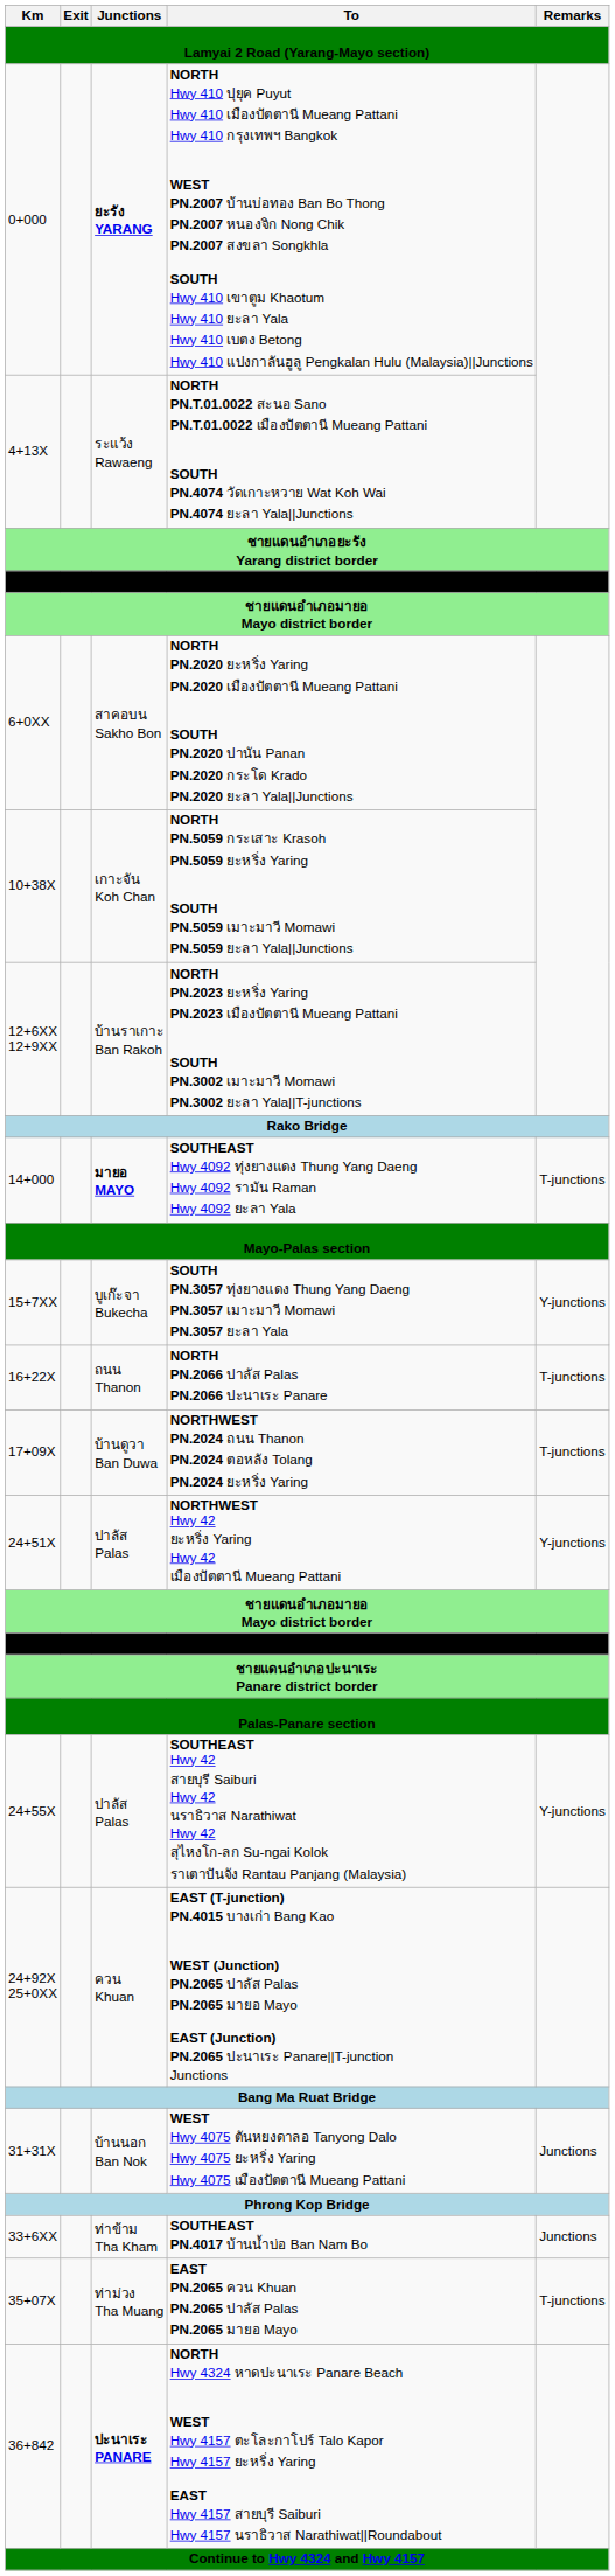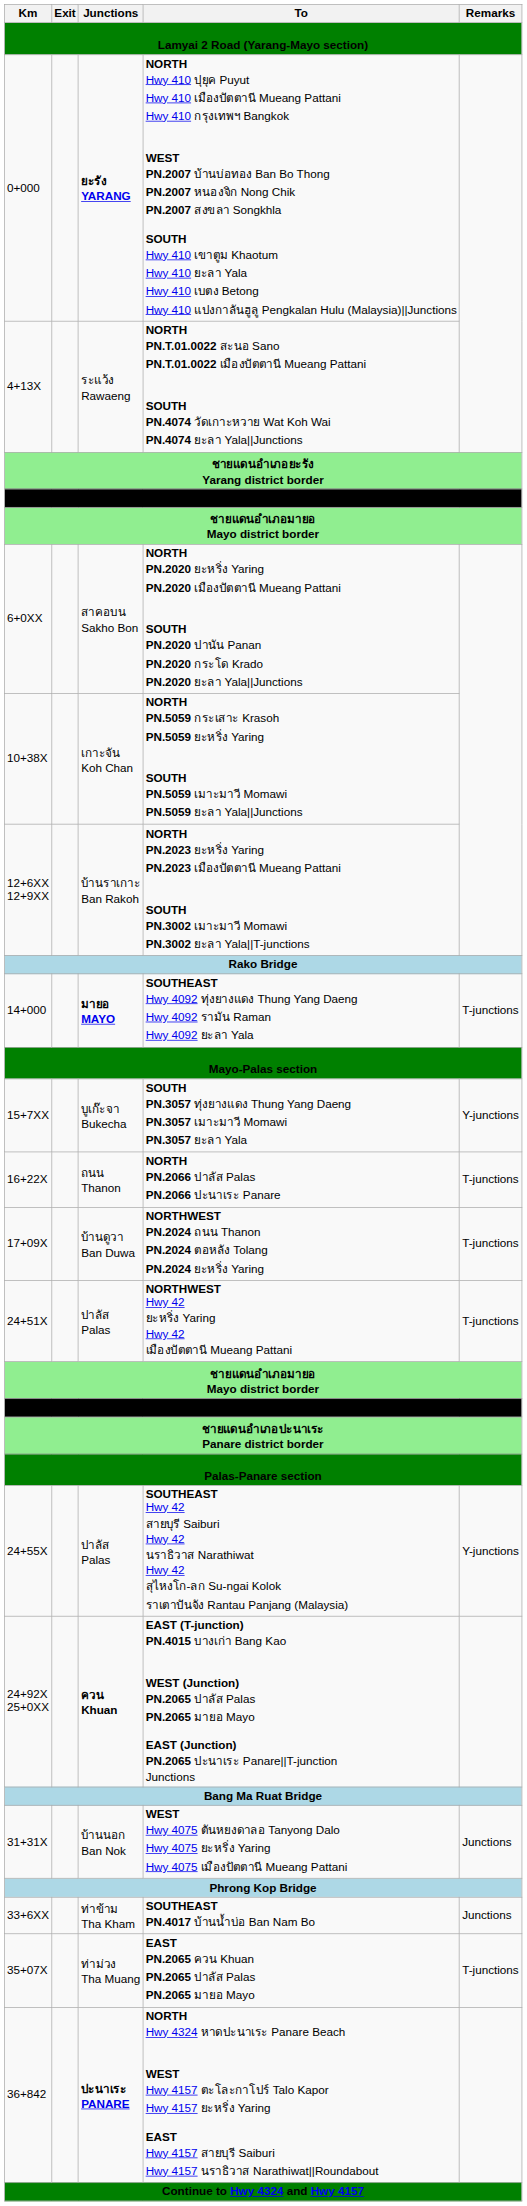 <table class="wikitable">
 <tr>
 <th>Km</th>
 <th>Exit</th>
 <th>Junctions</th>
 <th>To</th>
 <th>Remarks</th>
 </tr>
 <tr>
 <td colspan="6" style="width:600px; text-align:center; background:green;"><strong><br><span>Lamyai 2 Road (Yarang-Mayo section)</span></strong></td>
 </tr>
 <tr>
 <td>0+000</td>
 <td></td>
 <td><strong>ยะรัง</strong><br><strong><a href='#'>YARANG</a></strong></td>
 <td><strong>NORTH</strong><br> <a href='#'>Hwy 410</a> ปุยุค Puyut<br> <a href='#'>Hwy 410</a> เมืองปัตตานี Mueang Pattani<br> <a href='#'>Hwy 410</a> กรุงเทพฯ Bangkok<br><br><br> <strong>WEST</strong><br><strong>PN.2007</strong> บ้านบ่อทอง Ban Bo Thong <br><strong>PN.2007</strong> หนองจิก Nong Chik<br><strong>PN.2007</strong> สงขลา Songkhla <br><br> <strong>SOUTH</strong><br> <a href='#'>Hwy 410</a> เขาตูม Khaotum<br> <a href='#'>Hwy 410</a> ยะลา Yala<br> <a href='#'>Hwy 410</a> เบตง Betong<br> <a href='#'>Hwy 410</a> แปงกาลันฮูลู Pengkalan Hulu (Malaysia)||Junctions</td>
 </tr>
 <tr>
 <td>4+13X</td>
 <td></td>
 <td>ระแว้ง<br>Rawaeng</td>
 <td><strong>NORTH</strong><br><strong>PN.T.01.0022</strong> สะนอ Sano<br><strong>PN.T.01.0022</strong> เมืองปัตตานี Mueang Pattani<br><br><br> <strong>SOUTH</strong><br><strong>PN.4074</strong> วัดเกาะหวาย Wat Koh Wai<br><strong>PN.4074</strong> ยะลา Yala||Junctions</td>
 </tr>
 <tr>
 <td colspan="6" style="width:600px; text-align:center; background:lightgreen;"><strong><span>ชายแดนอำเภอยะรัง<br>Yarang district border</span></strong></td>
 </tr>
 <tr>
 <td colspan="6" style="width:600px; text-align:center; background:black;"><strong><span>Yarang-Mayo border</span></strong></td>
 </tr>
 <tr>
 <td colspan="6" style="width:600px; text-align:center; background:lightgreen;"><strong><span>ชายแดนอำเภอมายอ<br>Mayo district border</span></strong></td>
 </tr>
 <tr>
 <td>6+0XX</td>
 <td></td>
 <td>สาคอบน<br>Sakho Bon</td>
 <td><strong>NORTH</strong><br><strong>PN.2020</strong> ยะหริ่ง Yaring<br><strong>PN.2020</strong> เมืองปัตตานี Mueang Pattani<br><br><br> <strong>SOUTH</strong><br><strong>PN.2020</strong> ปานัน Panan<br><strong>PN.2020</strong> กระโด Krado<br><strong>PN.2020</strong> ยะลา Yala||Junctions</td>
 </tr>
 <tr>
 <td>10+38X</td>
 <td></td>
 <td>เกาะจัน<br>Koh Chan</td>
 <td><strong>NORTH</strong><br><strong>PN.5059</strong> กระเสาะ Krasoh<br><strong>PN.5059</strong> ยะหริ่ง Yaring<br><br><br> <strong>SOUTH</strong><br><strong>PN.5059</strong> เมาะมาวี Momawi<br><strong>PN.5059</strong> ยะลา Yala||Junctions</td>
 </tr>
 <tr>
 <td>12+6XX<br>12+9XX</td>
 <td></td>
 <td>บ้านราเกาะ<br>Ban Rakoh</td>
 <td><strong>NORTH</strong><br><strong>PN.2023</strong> ยะหริ่ง Yaring<br><strong>PN.2023</strong> เมืองปัตตานี Mueang Pattani<br><br><br> <strong>SOUTH</strong><br><strong>PN.3002</strong> เมาะมาวี Momawi<br><strong>PN.3002</strong> ยะลา Yala||T-junctions</td>
 </tr>
 <tr>
 <td colspan="6" style="width:600px; text-align:center; background:lightblue;"><strong><span>Rako Bridge</span></strong></td>
 </tr>
 <tr>
 <td>14+000</td>
 <td></td>
 <td><strong>มายอ</strong><br><strong><a href='#'>MAYO</a></strong></td>
 <td><strong>SOUTHEAST</strong><br> <a href='#'>Hwy 4092</a> ทุ่งยางแดง Thung Yang Daeng<br> <a href='#'>Hwy 4092</a> รามัน Raman<br> <a href='#'>Hwy 4092</a> ยะลา Yala</td>
 <td>T-junctions</td>
 </tr>
 <tr>
 <td colspan="6" style="width:600px; text-align:center; background:green;"><strong><br><span>Mayo-Palas section</span></strong></td>
 </tr>
 <tr>
 <td>15+7XX</td>
 <td></td>
 <td>บูเก๊ะจา<br>Bukecha</td>
 <td><strong>SOUTH</strong><br><strong>PN.3057</strong> ทุ่งยางแดง Thung Yang Daeng<br><strong>PN.3057</strong> เมาะมาวี Momawi<br><strong>PN.3057</strong> ยะลา Yala</td>
 <td>Y-junctions</td>
 </tr>
 <tr>
 <td>16+22X</td>
 <td></td>
 <td>ถนน<br>Thanon</td>
 <td><strong>NORTH</strong><br><strong>PN.2066</strong> ปาลัส Palas<br><strong>PN.2066</strong> ปะนาเระ Panare</td>
 <td>T-junctions</td>
 </tr>
 <tr>
 <td>17+09X</td>
 <td></td>
 <td>บ้านดูวา<br>Ban Duwa</td>
 <td><strong>NORTHWEST</strong><br><strong>PN.2024</strong> ถนน Thanon<br><strong>PN.2024</strong> ตอหลัง Tolang<br><strong>PN.2024</strong> ยะหริ่ง Yaring</td>
 <td>T-junctions</td>
 </tr>
 <tr>
 <td>24+51X</td>
 <td></td>
 <td>ปาลัส<br>Palas</td>
 <td><strong>NORTHWEST</strong><br> <a href='#'>Hwy 42</a><br> ยะหริ่ง Yaring<br> <a href='#'>Hwy 42</a><br> เมืองปัตตานี Mueang Pattani</td>
-<td>Y-junctions</td>
+<td>T-junctions</td>
 </tr>
 <tr>
 <td colspan="6" style="width:600px; text-align:center; background:lightgreen;"><strong><span>ชายแดนอำเภอมายอ<br>Mayo district border</span></strong></td>
 </tr>
 <tr>
 <td colspan="6" style="width:600px; text-align:center; background:black;"><strong><span>Mayo-Panare border (Highway 42)</span></strong></td>
 </tr>
 <tr>
 <td colspan="6" style="width:600px; text-align:center; background:lightgreen;"><strong><span>ชายแดนอำเภอปะนาเระ<br>Panare district border</span></strong></td>
 </tr>
 <tr>
 <td colspan="6" style="width:600px; text-align:center; background:green;"><strong><br><span>Palas-Panare section</span></strong></td>
 </tr>
 <tr>
 <td>24+55X</td>
 <td></td>
 <td>ปาลัส<br>Palas</td>
 <td><strong>SOUTHEAST</strong><br> <a href='#'>Hwy 42</a><br> สายบุรี Saiburi<br> <a href='#'>Hwy 42</a><br> นราธิวาส Narathiwat<br> <a href='#'>Hwy 42</a><br> สุไหงโก-ลก Su-ngai Kolok<br> ราเตาปันจัง Rantau Panjang (Malaysia)</td>
 <td>Y-junctions</td>
 </tr>
 <tr>
 <td>24+92X<br>25+0XX</td>
 <td></td>
-<td>ควน<br>Khuan</td>
+<td><strong>ควน<br>Khuan</strong></td>
 <td><strong>EAST (T-junction)</strong><br><strong>PN.4015</strong> บางเก่า Bang Kao<br><br><br> <strong>WEST (Junction)</strong><br><strong>PN.2065</strong> ปาลัส Palas<br><strong>PN.2065</strong> มายอ Mayo <br><br> <strong>EAST (Junction)</strong><br><strong>PN.2065</strong> ปะนาเระ Panare||T-junction<br>Junctions</td>
 </tr>
 <tr>
 <td colspan="6" style="width:600px; text-align:center; background:lightblue;"><strong><span>Bang Ma Ruat Bridge</span></strong></td>
 </tr>
 <tr>
 <td>31+31X</td>
 <td></td>
 <td>บ้านนอก<br>Ban Nok</td>
 <td><strong>WEST</strong><br> <a href='#'>Hwy 4075</a> ตันหยงดาลอ Tanyong Dalo<br> <a href='#'>Hwy 4075</a> ยะหริ่ง Yaring<br> <a href='#'>Hwy 4075</a> เมืองปัตตานี Mueang Pattani</td>
 <td>Junctions</td>
 </tr>
 <tr>
 <td colspan="6" style="width:600px; text-align:center; background:lightblue;"><strong><span>Phrong Kop Bridge</span></strong></td>
 </tr>
 <tr>
 <td>33+6XX</td>
 <td></td>
 <td>ท่าข้าม<br>Tha Kham</td>
 <td><strong>SOUTHEAST</strong><br><strong>PN.4017</strong> บ้านน้ำบ่อ Ban Nam Bo</td>
 <td>Junctions</td>
 </tr>
 <tr>
 <td>35+07X</td>
 <td></td>
 <td>ท่าม่วง<br>Tha Muang</td>
 <td><strong>EAST</strong><br><strong>PN.2065</strong> ควน Khuan<br><strong>PN.2065</strong> ปาลัส Palas<br><strong>PN.2065</strong> มายอ Mayo</td>
 <td>T-junctions</td>
 </tr>
 <tr>
 <td>36+842</td>
 <td></td>
 <td><strong>ปะนาเระ</strong><br><strong><a href='#'>PANARE</a></strong></td>
 <td><strong>NORTH</strong><br> <a href='#'>Hwy 4324</a> หาดปะนาเระ Panare Beach<br><br><br> <strong>WEST</strong><br><a href='#'>Hwy 4157</a> ตะโละกาโปร์ Talo Kapor<br> <a href='#'>Hwy 4157</a> ยะหริ่ง Yaring <br><br> <strong>EAST</strong><br> <a href='#'>Hwy 4157</a> สายบุรี Saiburi<br> <a href='#'>Hwy 4157</a> นราธิวาส Narathiwat||Roundabout</td>
 </tr>
 <tr>
 <td colspan="6" style="width:600px; text-align:center; background:green;"><strong><span>Continue to  <a href='#'>Hwy 4324</a> and  <a href='#'>Hwy 4157</a></span></strong></td>
 </tr>
 </table>
